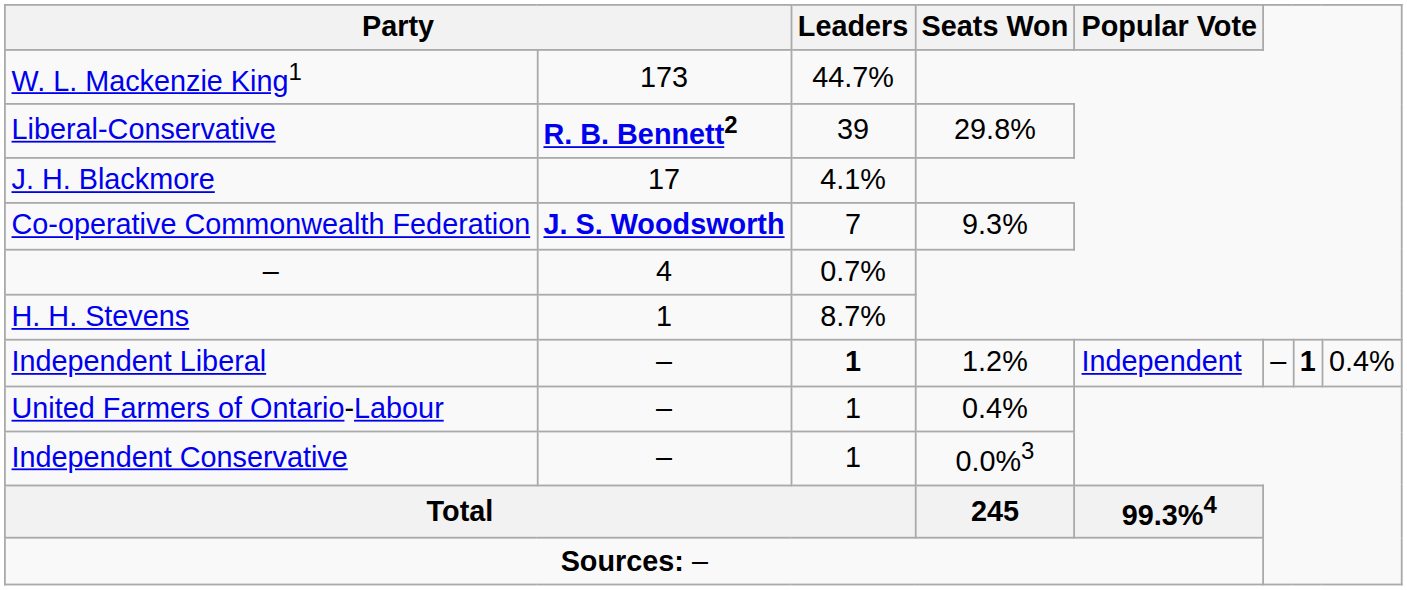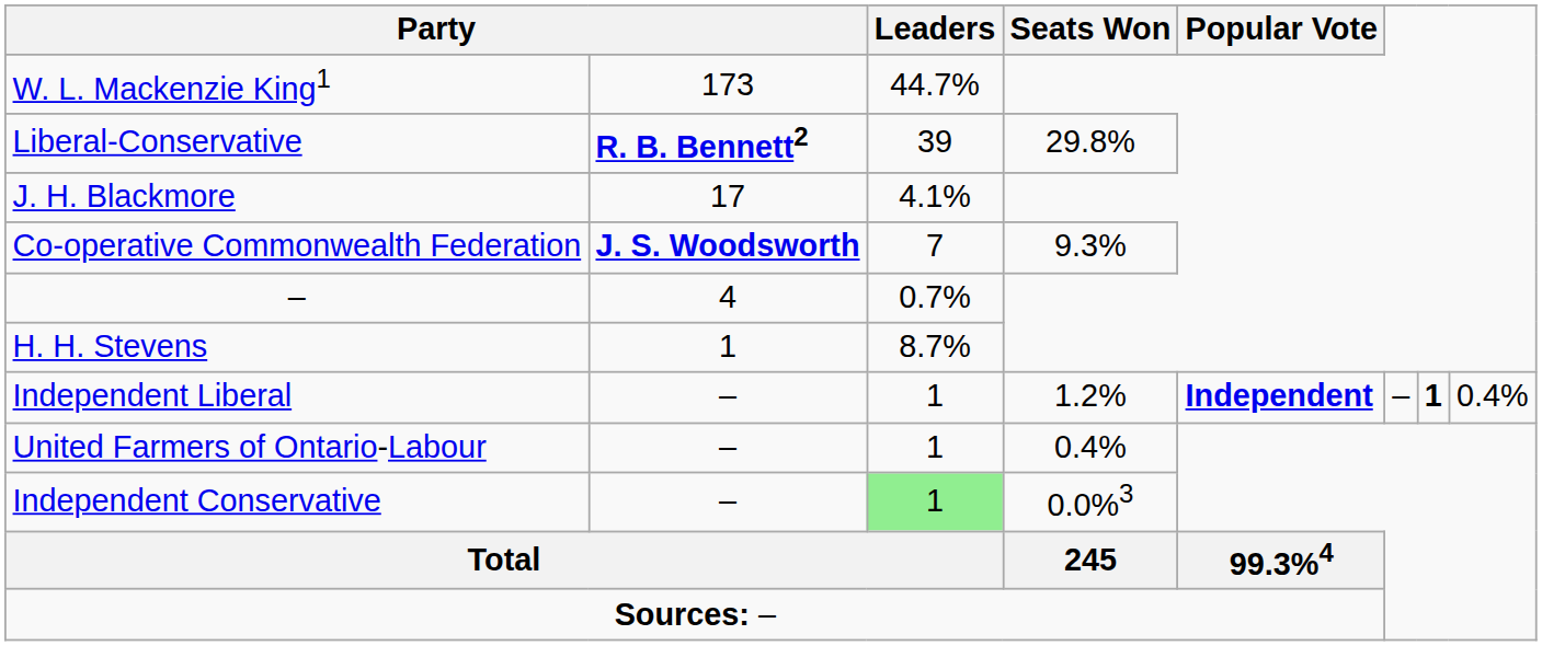 <table class="wikitable">
 <tr>
 <th colspan="2">Party</th>
 <th>Leaders</th>
 <th>Seats Won</th>
 <th>Popular Vote</th>
 </tr>
 <tr>
 <td><a href='#'>W. L. Mackenzie King</a><sup>1</sup></td>
 <td align=center>173</td>
 <td align=center>44.7%</td>
 </tr>
 <tr>
 <td><a href='#'>Liberal-Conservative</a></td>
 <td><strong><a href='#'>R. B. Bennett</a><sup>2</sup></strong></td>
 <td align=center>39</td>
 <td align=center>29.8%</td>
 </tr>
 <tr>
 <td><a href='#'>J. H. Blackmore</a></td>
 <td align=center>17</td>
 <td align=center>4.1%</td>
 </tr>
 <tr>
 <td><a href='#'>Co-operative Commonwealth Federation</a></td>
 <td><strong><a href='#'>J. S. Woodsworth</a></strong></td>
 <td align=center>7</td>
 <td align=center>9.3%</td>
 </tr>
 <tr>
 <td align=center>–</td>
 <td align=center>4</td>
 <td align=center>0.7%</td>
 </tr>
 <tr>
 <td><a href='#'>H. H. Stevens</a></td>
 <td align=center>1</td>
 <td align=center>8.7%</td>
 </tr>
 <tr>
 <td><a href='#'>Independent Liberal</a></td>
 <td align=center>–</td>
-<td align=center><strong>1</strong></td>
+<td align=center>1</td>
 <td align=center>1.2%<br></td>
-<td><a href='#'>Independent</a></td>
+<td><strong><a href='#'>Independent</a></strong></td>
 <td align=center>–</td>
 <td align=center><strong>1</strong></td>
 <td align=center>0.4%</td>
 </tr>
 <tr>
 <td><a href='#'>United Farmers of Ontario</a>-<a href='#'>Labour</a></td>
 <td align=center>–</td>
 <td align=center>1</td>
 <td align=center>0.4%</td>
 </tr>
 <tr>
 <td><a href='#'>Independent Conservative</a></td>
 <td align=center>–</td>
-<td align=center>1</td>
+<td align=center style="background: lightgreen;">1</td>
 <td align=center>0.0%<sup>3</sup></td>
 </tr>
 <tr>
 <th colspan=3>Total</th>
 <th>245</th>
 <th>99.3%<sup>4</sup></th>
 </tr>
 <tr>
 <td align=center colspan=5><strong>Sources:</strong>  – </td>
 </tr>
 </table>
